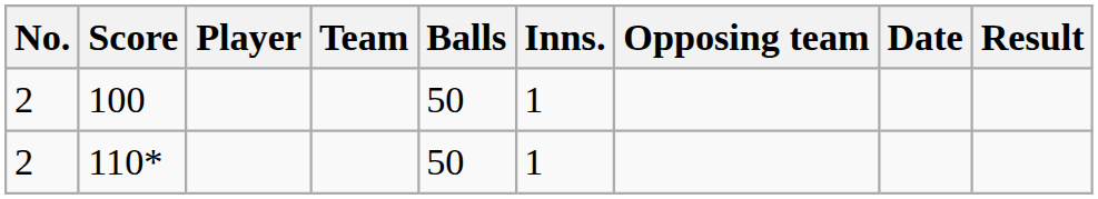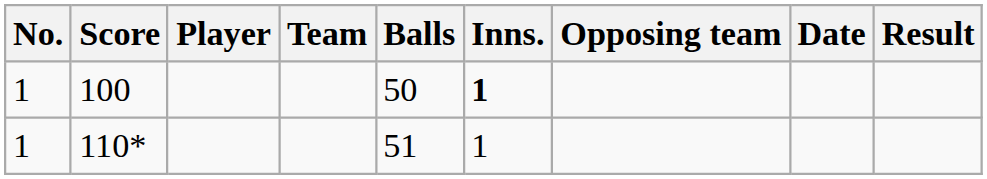 <table class="wikitable sortable" style="font-size:95%">
 <tr>
 <th>No.</th>
 <th>Score</th>
 <th>Player</th>
 <th>Team</th>
 <th>Balls</th>
 <th>Inns.</th>
 <th>Opposing team</th>
 <th>Date</th>
 <th>Result</th>
 </tr>
 <tr>
-<td>2</td>
+<td>1</td>
 <td> 100</td>
 <td></td>
 <td></td>
 <td>50</td>
-<td>1</td>
+<td><strong>1</strong></td>
 <td></td>
 <td></td>
 <td></td>
 </tr>
 <tr>
-<td>2</td>
+<td>1</td>
 <td> 110*</td>
 <td></td>
 <td></td>
-<td>50</td>
+<td>51</td>
 <td>1</td>
 <td></td>
 <td></td>
 <td></td>
 </tr>
 </table>
